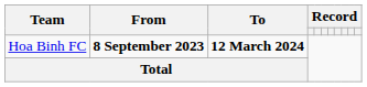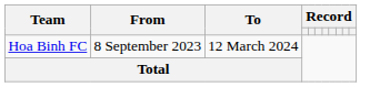 <table class=wikitable style="text-align: center">
 <tr>
 <th rowspan="2">Team</th>
 <th rowspan="2">From</th>
 <th rowspan="2">To</th>
 <th colspan="8">Record</th>
 </tr>
 <tr>
 <th></th>
 <th></th>
 <th></th>
 <th></th>
 <th></th>
 <th></th>
 <th></th>
 <th></th>
 </tr>
 <tr>
 <td align=left><a href='#'>Hoa Binh FC</a></td>
-<td align=left><strong>8 September 2023</strong></td>
-<td align=left><strong>12 March 2024<br></strong></td>
+<td align=left>8 September 2023</td>
+<td align=left>12 March 2024<br></td>
 </tr>
 <tr>
 <th colspan=3>Total<br></th>
 </tr>
 </table>
